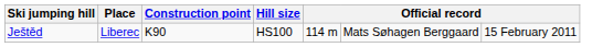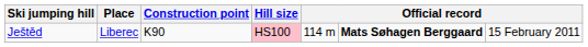 <table class="wikitable" style="margin-bottom: 10px;">
 <tr>
 <th>Ski jumping hill</th>
 <th>Place</th>
 <th><a href='#'>Construction point</a></th>
 <th><a href='#'>Hill size</a></th>
 <th colspan="3">Official record</th>
 </tr>
 <tr>
 <td><a href='#'>Ještěd</a></td>
 <td><span></span><a href='#'>Liberec</a></td>
 <td>K90</td>
-<td>HS100</td>
+<td style="background: pink;">HS100</td>
 <td>114 m</td>
-<td><span></span>Mats Søhagen Berggaard</td>
+<td><strong><span></span>Mats Søhagen Berggaard</strong></td>
 <td>15 February 2011</td>
 </tr>
 </table>
